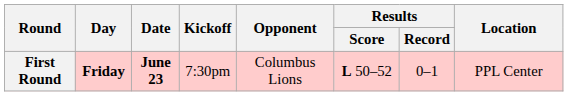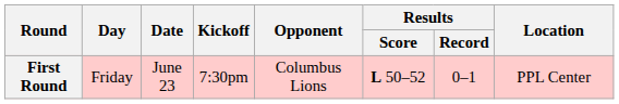 <table class="wikitable">
 <tr>
 <th rowspan="2" width="130">Round</th>
 <th rowspan="2" width="75">Day</th>
 <th rowspan="2" width="75">Date</th>
 <th rowspan="2" width="60">Kickoff</th>
 <th rowspan="2" width="180">Opponent</th>
 <th colspan="2" width="180">Results</th>
 <th rowspan="2" width="240">Location</th>
 </tr>
 <tr>
 <th width="130">Score</th>
 <th width="60">Record</th>
 </tr>
 <tr align="center" bgcolor=#FFCCCC>
 <th>First Round</th>
-<td><strong>Friday</strong></td>
-<td><strong>June 23</strong></td>
+<td>Friday</td>
+<td>June 23</td>
 <td>7:30pm</td>
 <td>Columbus Lions</td>
 <td><strong>L</strong> 50–52</td>
 <td>0–1</td>
 <td>PPL Center</td>
 </tr>
 </table>
